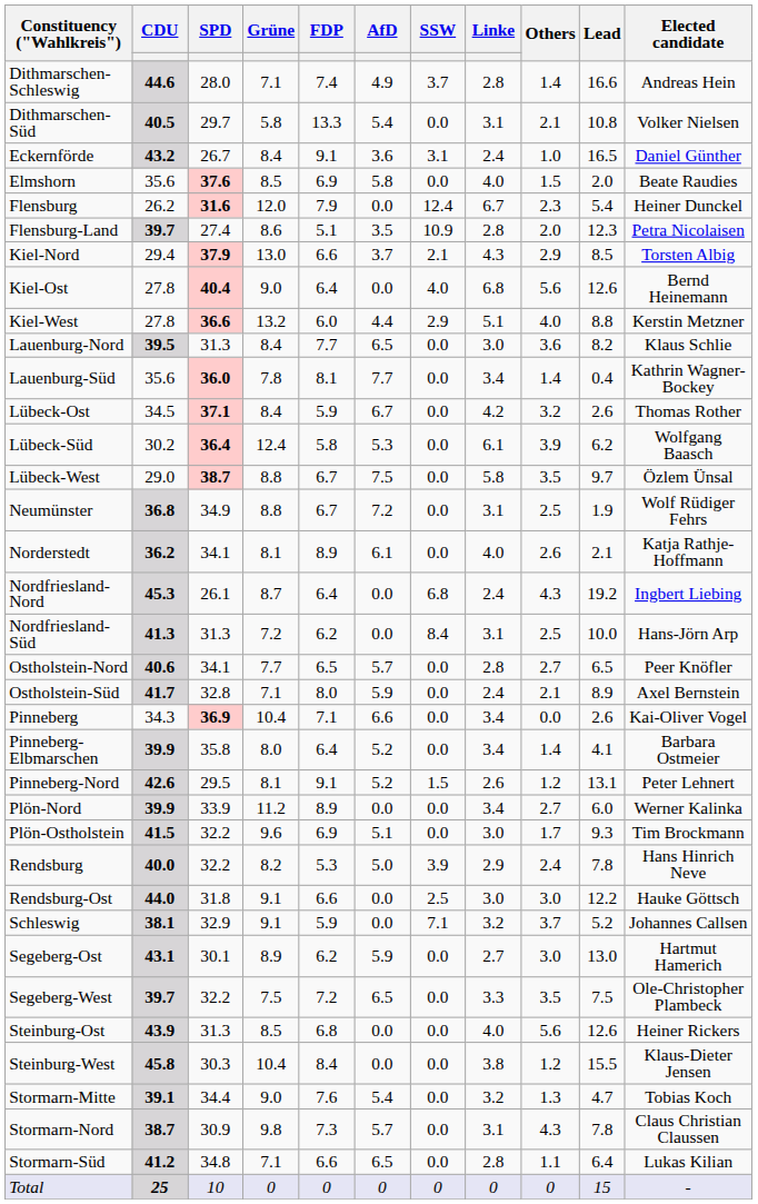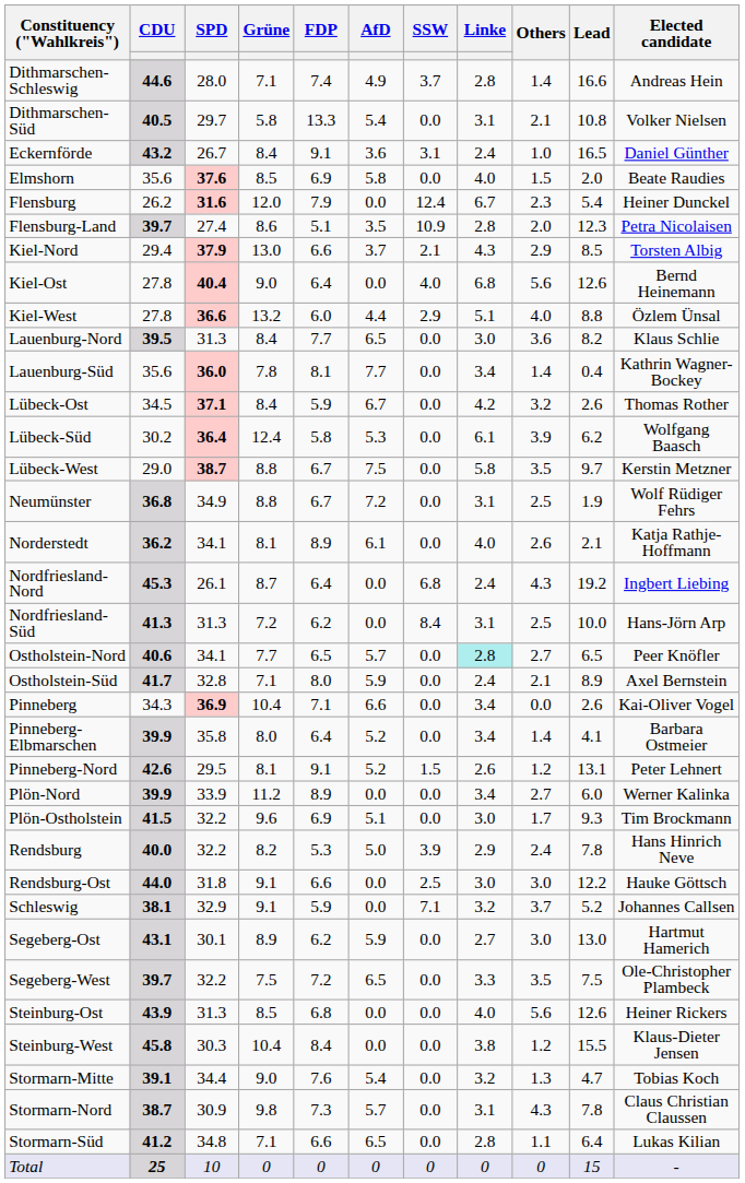 <table class="wikitable sortable" style="text-align:center;font-size:90%;line-height:14px">
 <tr style="height:40px;">
 <th class="wikitable sortable" style="width:100px;" rowspan="2">Constituency ("Wahlkreis")</th>
 <th class="wikitable sortable" style="width:40px;"><a href='#'>CDU</a></th>
 <th class="wikitable sortable" style="width:40px;"><a href='#'>SPD</a></th>
 <th class="wikitable sortable" style="width:40px;"><a href='#'>Grüne</a></th>
 <th class="wikitable sortable" style="width:40px;"><a href='#'>FDP</a></th>
 <th class="wikitable sortable" style="width:40px;"><a href='#'>AfD</a></th>
 <th class="wikitable sortable" style="width:40px;"><a href='#'>SSW</a></th>
 <th class="wikitable sortable" style="width:40px;"><a href='#'>Linke</a></th>
 <th class="wikitable sortable" style="width:40px;" rowspan="2">Others</th>
 <th style="width:30px;" rowspan="2">Lead</th>
 <th style="width:100px;" rowspan="2">Elected candidate</th>
 </tr>
 <tr>
 <th style="background:"></th>
 <th style="background:"></th>
 <th style="background:"></th>
 <th style="background:"></th>
 <th style="background:"></th>
 <th style="background:"></th>
 <th style="background:"></th>
 </tr>
 <tr>
 <td align="left">Dithmarschen-Schleswig</td>
 <td style="background:#D7D5D7;"><strong>44.6</strong></td>
 <td>28.0</td>
 <td>7.1</td>
 <td>7.4</td>
 <td>4.9</td>
 <td>3.7</td>
 <td>2.8</td>
 <td>1.4</td>
 <td style="background:">16.6</td>
 <td>Andreas Hein</td>
 </tr>
 <tr>
 <td align="left">Dithmarschen-Süd</td>
 <td style="background:#D7D5D7;"><strong>40.5</strong></td>
 <td>29.7</td>
 <td>5.8</td>
 <td>13.3</td>
 <td>5.4</td>
 <td>0.0</td>
 <td>3.1</td>
 <td>2.1</td>
 <td style="background:">10.8</td>
 <td>Volker Nielsen</td>
 </tr>
 <tr>
 <td align="left">Eckernförde</td>
 <td style="background:#D7D5D7;"><strong>43.2</strong></td>
 <td>26.7</td>
 <td>8.4</td>
 <td>9.1</td>
 <td>3.6</td>
 <td>3.1</td>
 <td>2.4</td>
 <td>1.0</td>
 <td style="background:">16.5</td>
 <td><a href='#'>Daniel Günther</a></td>
 </tr>
 <tr>
 <td align="left">Elmshorn</td>
 <td>35.6</td>
 <td style="background:#FFCCCC;"><strong>37.6</strong></td>
 <td>8.5</td>
 <td>6.9</td>
 <td>5.8</td>
 <td>0.0</td>
 <td>4.0</td>
 <td>1.5</td>
 <td style="background:">2.0</td>
 <td>Beate Raudies</td>
 </tr>
 <tr>
 <td align="left">Flensburg</td>
 <td>26.2</td>
 <td style="background:#FFCCCC;"><strong>31.6</strong></td>
 <td>12.0</td>
 <td>7.9</td>
 <td>0.0</td>
 <td>12.4</td>
 <td>6.7</td>
 <td>2.3</td>
 <td style="background:">5.4</td>
 <td>Heiner Dunckel</td>
 </tr>
 <tr>
 <td align="left">Flensburg-Land</td>
 <td style="background:#D7D5D7;"><strong>39.7</strong></td>
 <td>27.4</td>
 <td>8.6</td>
 <td>5.1</td>
 <td>3.5</td>
 <td>10.9</td>
 <td>2.8</td>
 <td>2.0</td>
 <td style="background:">12.3</td>
 <td><a href='#'>Petra Nicolaisen</a></td>
 </tr>
 <tr>
 <td align="left">Kiel-Nord</td>
 <td>29.4</td>
 <td style="background:#FFCCCC;"><strong>37.9</strong></td>
 <td>13.0</td>
 <td>6.6</td>
 <td>3.7</td>
 <td>2.1</td>
 <td>4.3</td>
 <td>2.9</td>
 <td style="background:">8.5</td>
 <td><a href='#'>Torsten Albig</a></td>
 </tr>
 <tr>
 <td align="left">Kiel-Ost</td>
 <td>27.8</td>
 <td style="background:#FFCCCC;"><strong>40.4</strong></td>
 <td>9.0</td>
 <td>6.4</td>
 <td>0.0</td>
 <td>4.0</td>
 <td>6.8</td>
 <td>5.6</td>
 <td style="background:">12.6</td>
 <td>Bernd Heinemann</td>
 </tr>
 <tr>
 <td align="left">Kiel-West</td>
 <td>27.8</td>
 <td style="background:#FFCCCC;"><strong>36.6</strong></td>
 <td>13.2</td>
 <td>6.0</td>
 <td>4.4</td>
 <td>2.9</td>
 <td>5.1</td>
 <td>4.0</td>
 <td style="background:">8.8</td>
-<td>Kerstin Metzner</td>
+<td>Özlem Ünsal</td>
 </tr>
 <tr>
 <td align="left">Lauenburg-Nord</td>
 <td style="background:#D7D5D7;"><strong>39.5</strong></td>
 <td>31.3</td>
 <td>8.4</td>
 <td>7.7</td>
 <td>6.5</td>
 <td>0.0</td>
 <td>3.0</td>
 <td>3.6</td>
 <td style="background:">8.2</td>
 <td>Klaus Schlie</td>
 </tr>
 <tr>
 <td align="left">Lauenburg-Süd</td>
 <td>35.6</td>
 <td style="background:#FFCCCC;"><strong>36.0</strong></td>
 <td>7.8</td>
 <td>8.1</td>
 <td>7.7</td>
 <td>0.0</td>
 <td>3.4</td>
 <td>1.4</td>
 <td style="background:">0.4</td>
 <td>Kathrin Wagner-Bockey</td>
 </tr>
 <tr>
 <td align="left">Lübeck-Ost</td>
 <td>34.5</td>
 <td style="background:#FFCCCC;"><strong>37.1</strong></td>
 <td>8.4</td>
 <td>5.9</td>
 <td>6.7</td>
 <td>0.0</td>
 <td>4.2</td>
 <td>3.2</td>
 <td style="background:">2.6</td>
 <td>Thomas Rother</td>
 </tr>
 <tr>
 <td align="left">Lübeck-Süd</td>
 <td>30.2</td>
 <td style="background:#FFCCCC;"><strong>36.4</strong></td>
 <td>12.4</td>
 <td>5.8</td>
 <td>5.3</td>
 <td>0.0</td>
 <td>6.1</td>
 <td>3.9</td>
 <td style="background:">6.2</td>
 <td>Wolfgang Baasch</td>
 </tr>
 <tr>
 <td align="left">Lübeck-West</td>
 <td>29.0</td>
 <td style="background:#FFCCCC;"><strong>38.7</strong></td>
 <td>8.8</td>
 <td>6.7</td>
 <td>7.5</td>
 <td>0.0</td>
 <td>5.8</td>
 <td>3.5</td>
 <td style="background:">9.7</td>
-<td>Özlem Ünsal</td>
+<td>Kerstin Metzner</td>
 </tr>
 <tr>
 <td align="left">Neumünster</td>
 <td style="background:#D7D5D7;"><strong>36.8</strong></td>
 <td>34.9</td>
 <td>8.8</td>
 <td>6.7</td>
 <td>7.2</td>
 <td>0.0</td>
 <td>3.1</td>
 <td>2.5</td>
 <td style="background:">1.9</td>
 <td>Wolf Rüdiger Fehrs</td>
 </tr>
 <tr>
 <td align="left">Norderstedt</td>
 <td style="background:#D7D5D7;"><strong>36.2</strong></td>
 <td>34.1</td>
 <td>8.1</td>
 <td>8.9</td>
 <td>6.1</td>
 <td>0.0</td>
 <td>4.0</td>
 <td>2.6</td>
 <td style="background:">2.1</td>
 <td>Katja Rathje-Hoffmann</td>
 </tr>
 <tr>
 <td align="left">Nordfriesland-Nord</td>
 <td style="background:#D7D5D7;"><strong>45.3</strong></td>
 <td>26.1</td>
 <td>8.7</td>
 <td>6.4</td>
 <td>0.0</td>
 <td>6.8</td>
 <td>2.4</td>
 <td>4.3</td>
 <td style="background:">19.2</td>
 <td><a href='#'>Ingbert Liebing</a></td>
 </tr>
 <tr>
 <td align="left">Nordfriesland-Süd</td>
 <td style="background:#D7D5D7;"><strong>41.3</strong></td>
 <td>31.3</td>
 <td>7.2</td>
 <td>6.2</td>
 <td>0.0</td>
 <td>8.4</td>
 <td>3.1</td>
 <td>2.5</td>
 <td style="background:">10.0</td>
 <td>Hans-Jörn Arp</td>
 </tr>
 <tr>
 <td align="left">Ostholstein-Nord</td>
 <td style="background:#D7D5D7;"><strong>40.6</strong></td>
 <td>34.1</td>
 <td>7.7</td>
 <td>6.5</td>
 <td>5.7</td>
 <td>0.0</td>
-<td>2.8</td>
+<td style="background: paleturquoise;">2.8</td>
 <td>2.7</td>
 <td style="background:">6.5</td>
 <td>Peer Knöfler</td>
 </tr>
 <tr>
 <td align="left">Ostholstein-Süd</td>
 <td style="background:#D7D5D7;"><strong>41.7</strong></td>
 <td>32.8</td>
 <td>7.1</td>
 <td>8.0</td>
 <td>5.9</td>
 <td>0.0</td>
 <td>2.4</td>
 <td>2.1</td>
 <td style="background:">8.9</td>
 <td>Axel Bernstein</td>
 </tr>
 <tr>
 <td align="left">Pinneberg</td>
 <td>34.3</td>
 <td style="background:#FFCCCC;"><strong>36.9</strong></td>
 <td>10.4</td>
 <td>7.1</td>
 <td>6.6</td>
 <td>0.0</td>
 <td>3.4</td>
 <td>0.0</td>
 <td style="background:">2.6</td>
 <td>Kai-Oliver Vogel</td>
 </tr>
 <tr>
 <td align="left">Pinneberg-Elbmarschen</td>
 <td style="background:#D7D5D7;"><strong>39.9</strong></td>
 <td>35.8</td>
 <td>8.0</td>
 <td>6.4</td>
 <td>5.2</td>
 <td>0.0</td>
 <td>3.4</td>
 <td>1.4</td>
 <td style="background:">4.1</td>
 <td>Barbara Ostmeier</td>
 </tr>
 <tr>
 <td align="left">Pinneberg-Nord</td>
 <td style="background:#D7D5D7;"><strong>42.6</strong></td>
 <td>29.5</td>
 <td>8.1</td>
 <td>9.1</td>
 <td>5.2</td>
 <td>1.5</td>
 <td>2.6</td>
 <td>1.2</td>
 <td style="background:">13.1</td>
 <td>Peter Lehnert</td>
 </tr>
 <tr>
 <td align="left">Plön-Nord</td>
 <td style="background:#D7D5D7;"><strong>39.9</strong></td>
 <td>33.9</td>
 <td>11.2</td>
 <td>8.9</td>
 <td>0.0</td>
 <td>0.0</td>
 <td>3.4</td>
 <td>2.7</td>
 <td style="background:">6.0</td>
 <td>Werner Kalinka</td>
 </tr>
 <tr>
 <td align="left">Plön-Ostholstein</td>
 <td style="background:#D7D5D7;"><strong>41.5</strong></td>
 <td>32.2</td>
 <td>9.6</td>
 <td>6.9</td>
 <td>5.1</td>
 <td>0.0</td>
 <td>3.0</td>
 <td>1.7</td>
 <td style="background:">9.3</td>
 <td>Tim Brockmann</td>
 </tr>
 <tr>
 <td align="left">Rendsburg</td>
 <td style="background:#D7D5D7;"><strong>40.0</strong></td>
 <td>32.2</td>
 <td>8.2</td>
 <td>5.3</td>
 <td>5.0</td>
 <td>3.9</td>
 <td>2.9</td>
 <td>2.4</td>
 <td style="background:">7.8</td>
 <td>Hans Hinrich Neve</td>
 </tr>
 <tr>
 <td align="left">Rendsburg-Ost</td>
 <td style="background:#D7D5D7;"><strong>44.0</strong></td>
 <td>31.8</td>
 <td>9.1</td>
 <td>6.6</td>
 <td>0.0</td>
 <td>2.5</td>
 <td>3.0</td>
 <td>3.0</td>
 <td style="background:">12.2</td>
 <td>Hauke Göttsch</td>
 </tr>
 <tr>
 <td align="left">Schleswig</td>
 <td style="background:#D7D5D7;"><strong>38.1</strong></td>
 <td>32.9</td>
 <td>9.1</td>
 <td>5.9</td>
 <td>0.0</td>
 <td>7.1</td>
 <td>3.2</td>
 <td>3.7</td>
 <td style="background:">5.2</td>
 <td>Johannes Callsen</td>
 </tr>
 <tr>
 <td align="left">Segeberg-Ost</td>
 <td style="background:#D7D5D7;"><strong>43.1</strong></td>
 <td>30.1</td>
 <td>8.9</td>
 <td>6.2</td>
 <td>5.9</td>
 <td>0.0</td>
 <td>2.7</td>
 <td>3.0</td>
 <td style="background:">13.0</td>
 <td>Hartmut Hamerich</td>
 </tr>
 <tr>
 <td align="left">Segeberg-West</td>
 <td style="background:#D7D5D7;"><strong>39.7</strong></td>
 <td>32.2</td>
 <td>7.5</td>
 <td>7.2</td>
 <td>6.5</td>
 <td>0.0</td>
 <td>3.3</td>
 <td>3.5</td>
 <td style="background:">7.5</td>
 <td>Ole-Christopher Plambeck</td>
 </tr>
 <tr>
 <td align="left">Steinburg-Ost</td>
 <td style="background:#D7D5D7;"><strong>43.9</strong></td>
 <td>31.3</td>
 <td>8.5</td>
 <td>6.8</td>
 <td>0.0</td>
 <td>0.0</td>
 <td>4.0</td>
 <td>5.6</td>
 <td style="background:">12.6</td>
 <td>Heiner Rickers</td>
 </tr>
 <tr>
 <td align="left">Steinburg-West</td>
 <td style="background:#D7D5D7;"><strong>45.8</strong></td>
 <td>30.3</td>
 <td>10.4</td>
 <td>8.4</td>
 <td>0.0</td>
 <td>0.0</td>
 <td>3.8</td>
 <td>1.2</td>
 <td style="background:">15.5</td>
 <td>Klaus-Dieter Jensen</td>
 </tr>
 <tr>
 <td align="left">Stormarn-Mitte</td>
 <td style="background:#D7D5D7;"><strong>39.1</strong></td>
 <td>34.4</td>
 <td>9.0</td>
 <td>7.6</td>
 <td>5.4</td>
 <td>0.0</td>
 <td>3.2</td>
 <td>1.3</td>
 <td style="background:">4.7</td>
 <td>Tobias Koch</td>
 </tr>
 <tr>
 <td align="left">Stormarn-Nord</td>
 <td style="background:#D7D5D7;"><strong>38.7</strong></td>
 <td>30.9</td>
 <td>9.8</td>
 <td>7.3</td>
 <td>5.7</td>
 <td>0.0</td>
 <td>3.1</td>
 <td>4.3</td>
 <td style="background:">7.8</td>
 <td>Claus Christian Claussen</td>
 </tr>
 <tr>
 <td align="left">Stormarn-Süd</td>
 <td style="background:#D7D5D7;"><strong>41.2</strong></td>
 <td>34.8</td>
 <td>7.1</td>
 <td>6.6</td>
 <td>6.5</td>
 <td>0.0</td>
 <td>2.8</td>
 <td>1.1</td>
 <td style="background:">6.4</td>
 <td>Lukas Kilian</td>
 </tr>
 <tr style="background:#E5E5F5;font-style:italic;">
 <td align="left">Total</td>
 <td style="background:#D7D5D7;"><strong>25</strong></td>
 <td>10</td>
 <td>0</td>
 <td>0</td>
 <td>0</td>
 <td>0</td>
 <td>0</td>
 <td>0</td>
 <td style="background:">15</td>
 <td>-</td>
 </tr>
 </table>
